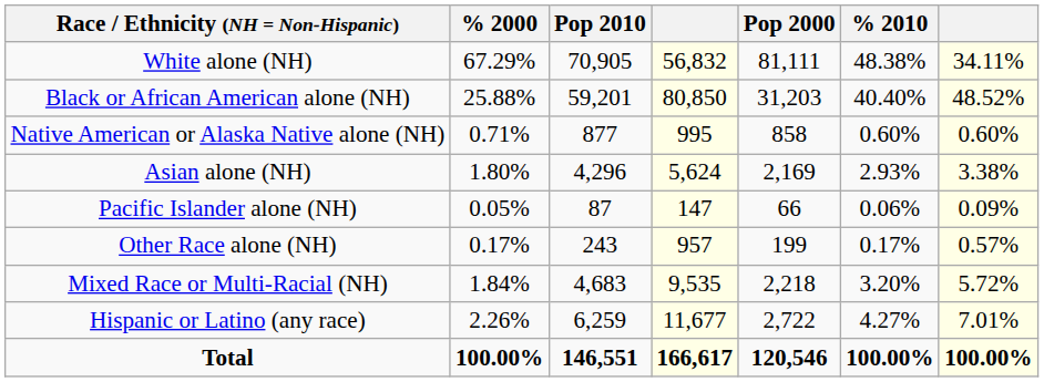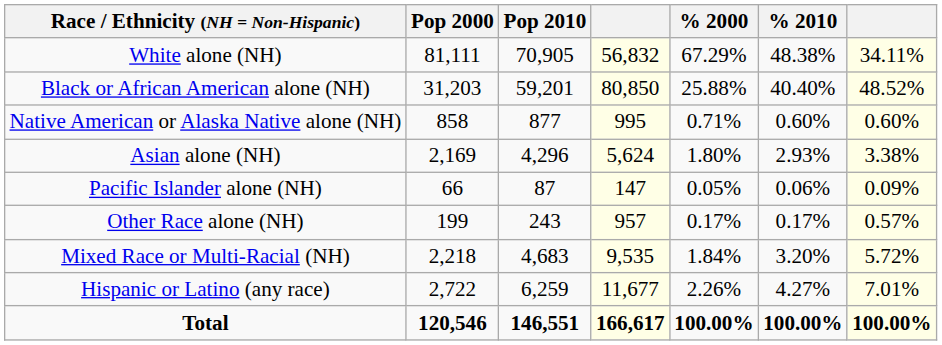 <table class="wikitable" style="text-align:center;">
 <tr>
 <th>Race / Ethnicity <small>(<em>NH = Non-Hispanic</em>)</small></th>
-<th>% 2000</th>
+<th>Pop 2000</th>
 <th>Pop 2010</th>
 <th></th>
-<th>Pop 2000</th>
+<th>% 2000</th>
 <th>% 2010</th>
 <th></th>
 </tr>
 <tr>
 <td><a href='#'>White</a> alone (NH)</td>
-<td>67.29%</td>
+<td>81,111</td>
 <td>70,905</td>
 <td style='background: #ffffe6;'>56,832</td>
-<td>81,111</td>
+<td>67.29%</td>
 <td>48.38%</td>
 <td style='background: #ffffe6;'>34.11%</td>
 </tr>
 <tr>
 <td><a href='#'>Black or African American</a> alone (NH)</td>
-<td>25.88%</td>
+<td>31,203</td>
 <td>59,201</td>
 <td style='background: #ffffe6;'>80,850</td>
-<td>31,203</td>
+<td>25.88%</td>
 <td>40.40%</td>
 <td style='background: #ffffe6;'>48.52%</td>
 </tr>
 <tr>
 <td><a href='#'>Native American</a> or <a href='#'>Alaska Native</a> alone (NH)</td>
-<td>0.71%</td>
+<td>858</td>
 <td>877</td>
 <td style='background: #ffffe6;'>995</td>
-<td>858</td>
+<td>0.71%</td>
 <td>0.60%</td>
 <td style='background: #ffffe6;'>0.60%</td>
 </tr>
 <tr>
 <td><a href='#'>Asian</a> alone (NH)</td>
-<td>1.80%</td>
+<td>2,169</td>
 <td>4,296</td>
 <td style='background: #ffffe6;'>5,624</td>
-<td>2,169</td>
+<td>1.80%</td>
 <td>2.93%</td>
 <td style='background: #ffffe6;'>3.38%</td>
 </tr>
 <tr>
 <td><a href='#'>Pacific Islander</a> alone (NH)</td>
-<td>0.05%</td>
+<td>66</td>
 <td>87</td>
 <td style='background: #ffffe6;'>147</td>
-<td>66</td>
+<td>0.05%</td>
 <td>0.06%</td>
 <td style='background: #ffffe6;'>0.09%</td>
 </tr>
 <tr>
 <td><a href='#'>Other Race</a> alone (NH)</td>
-<td>0.17%</td>
+<td>199</td>
 <td>243</td>
 <td style='background: #ffffe6;'>957</td>
-<td>199</td>
+<td>0.17%</td>
 <td>0.17%</td>
 <td style='background: #ffffe6;'>0.57%</td>
 </tr>
 <tr>
 <td><a href='#'>Mixed Race or Multi-Racial</a> (NH)</td>
-<td>1.84%</td>
+<td>2,218</td>
 <td>4,683</td>
 <td style='background: #ffffe6;'>9,535</td>
-<td>2,218</td>
+<td>1.84%</td>
 <td>3.20%</td>
 <td style='background: #ffffe6;'>5.72%</td>
 </tr>
 <tr>
 <td><a href='#'>Hispanic or Latino</a> (any race)</td>
-<td>2.26%</td>
+<td>2,722</td>
 <td>6,259</td>
 <td style='background: #ffffe6;'>11,677</td>
-<td>2,722</td>
+<td>2.26%</td>
 <td>4.27%</td>
 <td style='background: #ffffe6;'>7.01%</td>
 </tr>
 <tr>
 <td><strong>Total</strong></td>
-<td><strong>100.00%</strong></td>
+<td><strong>120,546</strong></td>
 <td><strong>146,551</strong></td>
 <td style='background: #ffffe6;'><strong>166,617</strong></td>
-<td><strong>120,546</strong></td>
+<td><strong>100.00%</strong></td>
 <td><strong>100.00%</strong></td>
 <td style='background: #ffffe6;'><strong>100.00%</strong></td>
 </tr>
 </table>
